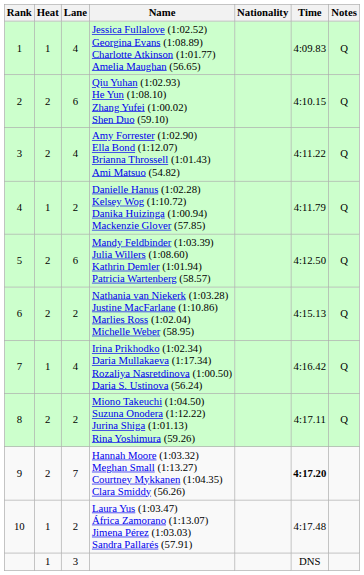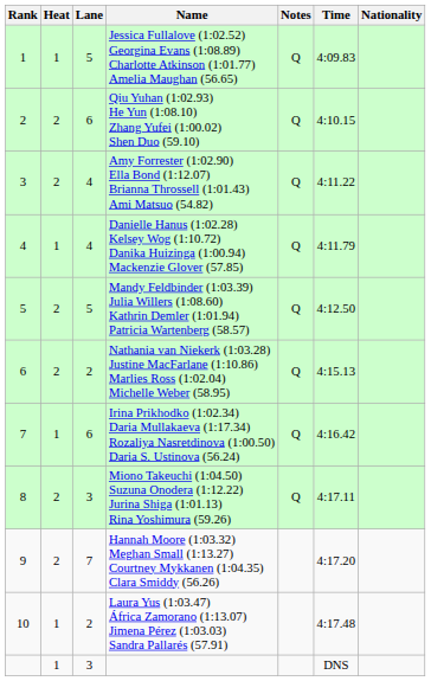 <table class="wikitable sortable" style="text-align:center">
 <tr>
 <th>Rank</th>
 <th>Heat</th>
 <th>Lane</th>
 <th>Name</th>
+<th>Notes</th>
+<th>Time</th>
 <th>Nationality</th>
-<th>Time</th>
-<th>Notes</th>
 </tr>
 <tr bgcolor=ccffcc>
 <td>1</td>
 <td>1</td>
-<td>4</td>
+<td>5</td>
 <td align=left><a href='#'>Jessica Fullalove</a> (1:02.52)<br><a href='#'>Georgina Evans</a> (1:08.89)<br><a href='#'>Charlotte Atkinson</a> (1:01.77)<br><a href='#'>Amelia Maughan</a> (56.65)</td>
+<td>Q</td>
+<td>4:09.83</td>
 <td align=left></td>
-<td>4:09.83</td>
-<td>Q</td>
 </tr>
 <tr bgcolor=ccffcc>
 <td>2</td>
 <td>2</td>
 <td>6</td>
 <td align=left><a href='#'>Qiu Yuhan</a> (1:02.93)<br><a href='#'>He Yun</a> (1:08.10)<br><a href='#'>Zhang Yufei</a> (1:00.02)<br><a href='#'>Shen Duo</a> (59.10)</td>
+<td>Q</td>
+<td>4:10.15</td>
 <td align=left></td>
-<td>4:10.15</td>
-<td>Q</td>
 </tr>
 <tr bgcolor=ccffcc>
 <td>3</td>
 <td>2</td>
 <td>4</td>
 <td align=left><a href='#'>Amy Forrester</a> (1:02.90)<br><a href='#'>Ella Bond</a> (1:12.07)<br><a href='#'>Brianna Throssell</a> (1:01.43)<br><a href='#'>Ami Matsuo</a> (54.82)</td>
+<td>Q</td>
+<td>4:11.22</td>
 <td align=left></td>
-<td>4:11.22</td>
-<td>Q</td>
 </tr>
 <tr bgcolor=ccffcc>
 <td>4</td>
 <td>1</td>
-<td>2</td>
+<td>4</td>
 <td align=left><a href='#'>Danielle Hanus</a> (1:02.28)<br><a href='#'>Kelsey Wog</a> (1:10.72)<br><a href='#'>Danika Huizinga</a> (1:00.94)<br><a href='#'>Mackenzie Glover</a> (57.85)</td>
+<td>Q</td>
+<td>4:11.79</td>
 <td align=left></td>
-<td>4:11.79</td>
-<td>Q</td>
 </tr>
 <tr bgcolor=ccffcc>
 <td>5</td>
 <td>2</td>
-<td>6</td>
+<td>5</td>
 <td align=left><a href='#'>Mandy Feldbinder</a> (1:03.39)<br><a href='#'>Julia Willers</a> (1:08.60)<br><a href='#'>Kathrin Demler</a> (1:01.94)<br><a href='#'>Patricia Wartenberg</a> (58.57)</td>
+<td>Q</td>
+<td>4:12.50</td>
 <td align=left></td>
-<td>4:12.50</td>
-<td>Q</td>
 </tr>
 <tr bgcolor=ccffcc>
 <td>6</td>
 <td>2</td>
 <td>2</td>
 <td align=left><a href='#'>Nathania van Niekerk</a> (1:03.28)<br><a href='#'>Justine MacFarlane</a> (1:10.86)<br><a href='#'>Marlies Ross</a> (1:02.04)<br><a href='#'>Michelle Weber</a> (58.95)</td>
+<td>Q</td>
+<td>4:15.13</td>
 <td align=left></td>
-<td>4:15.13</td>
-<td>Q</td>
 </tr>
 <tr bgcolor=ccffcc>
 <td>7</td>
 <td>1</td>
-<td>4</td>
+<td>6</td>
 <td align=left><a href='#'>Irina Prikhodko</a> (1:02.34)<br><a href='#'>Daria Mullakaeva</a> (1:17.34)<br><a href='#'>Rozaliya Nasretdinova</a> (1:00.50)<br><a href='#'>Daria S. Ustinova</a> (56.24)</td>
+<td>Q</td>
+<td>4:16.42</td>
 <td align=left></td>
-<td>4:16.42</td>
-<td>Q</td>
 </tr>
 <tr bgcolor=ccffcc>
 <td>8</td>
 <td>2</td>
-<td>2</td>
+<td>3</td>
 <td align=left><a href='#'>Miono Takeuchi</a> (1:04.50)<br><a href='#'>Suzuna Onodera</a> (1:12.22)<br><a href='#'>Jurina Shiga</a> (1:01.13)<br><a href='#'>Rina Yoshimura</a> (59.26)</td>
+<td>Q</td>
+<td>4:17.11</td>
 <td align=left></td>
-<td>4:17.11</td>
-<td>Q</td>
 </tr>
 <tr>
 <td>9</td>
 <td>2</td>
 <td>7</td>
 <td align=left><a href='#'>Hannah Moore</a> (1:03.32)<br><a href='#'>Meghan Small</a> (1:13.27)<br><a href='#'>Courtney Mykkanen</a> (1:04.35)<br><a href='#'>Clara Smiddy</a> (56.26)</td>
+<td></td>
+<td>4:17.20</td>
 <td align=left></td>
-<td><strong>4:17.20</strong></td>
-<td></td>
 </tr>
 <tr>
 <td>10</td>
 <td>1</td>
 <td>2</td>
 <td align=left><a href='#'>Laura Yus</a> (1:03.47)<br><a href='#'>África Zamorano</a> (1:13.07)<br><a href='#'>Jimena Pérez</a> (1:03.03)<br><a href='#'>Sandra Pallarés</a> (57.91)</td>
+<td></td>
+<td>4:17.48</td>
 <td align=left></td>
-<td>4:17.48</td>
-<td></td>
 </tr>
 <tr>
 <td></td>
 <td>1</td>
 <td>3</td>
 <td align=left></td>
+<td></td>
+<td>DNS</td>
 <td align=left></td>
-<td>DNS</td>
-<td></td>
 </tr>
 </table>
